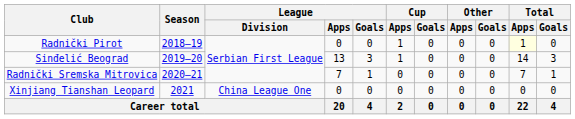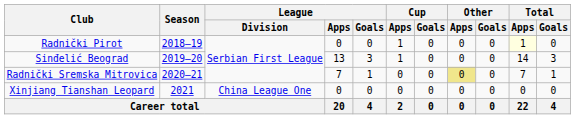 <table class="wikitable" style="text-align:center">
 <tr>
 <th rowspan="2">Club</th>
 <th rowspan="2">Season</th>
 <th colspan="3">League</th>
 <th colspan="2">Cup</th>
 <th colspan="2">Other</th>
 <th colspan="2">Total</th>
 </tr>
 <tr>
 <th>Division</th>
 <th>Apps</th>
 <th>Goals</th>
 <th>Apps</th>
 <th>Goals</th>
 <th>Apps</th>
 <th>Goals</th>
 <th>Apps</th>
 <th>Goals</th>
 </tr>
 <tr>
 <td><a href='#'>Radnički Pirot</a></td>
 <td><a href='#'>2018–19</a></td>
 <td rowspan="3"><a href='#'>Serbian First League</a></td>
 <td>0</td>
 <td>0</td>
 <td>1</td>
 <td>0</td>
 <td>0</td>
 <td>0</td>
 <td style="background: lightyellow;">1</td>
 <td>0</td>
 </tr>
 <tr>
 <td><a href='#'>Sinđelić Beograd</a></td>
 <td><a href='#'>2019–20</a></td>
 <td>13</td>
 <td>3</td>
 <td>1</td>
 <td>0</td>
 <td>0</td>
 <td>0</td>
 <td>14</td>
 <td>3</td>
 </tr>
 <tr>
 <td><a href='#'>Radnički Sremska Mitrovica</a></td>
 <td><a href='#'>2020–21</a></td>
 <td>7</td>
 <td>1</td>
 <td>0</td>
 <td>0</td>
-<td>0</td>
+<td style="background: khaki;">0</td>
 <td>0</td>
 <td>7</td>
 <td>1</td>
 </tr>
 <tr>
 <td><a href='#'>Xinjiang Tianshan Leopard</a></td>
 <td><a href='#'>2021</a></td>
 <td><a href='#'>China League One</a></td>
 <td>0</td>
 <td>0</td>
 <td>0</td>
 <td>0</td>
 <td>0</td>
 <td>0</td>
 <td>0</td>
 <td>0</td>
 </tr>
 <tr>
 <th colspan=3>Career total</th>
 <th>20</th>
 <th>4</th>
 <th>2</th>
 <th>0</th>
 <th>0</th>
 <th>0</th>
 <th>22</th>
 <th>4</th>
 </tr>
 </table>
